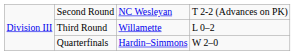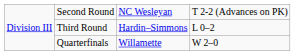 <table class="wikitable">
 <tr>
 <td rowspan="3"><a href='#'>Division III</a></td>
 <td>Second Round</td>
 <td><a href='#'>NC Wesleyan</a></td>
 <td>T 2-2 (Advances on PK)</td>
 </tr>
 <tr>
 <td>Third Round</td>
-<td><a href='#'>Willamette</a></td>
+<td><a href='#'>Hardin–Simmons</a></td>
 <td>L 0–2</td>
 </tr>
 <tr>
 <td>Quarterfinals</td>
-<td><a href='#'>Hardin–Simmons</a></td>
+<td><a href='#'>Willamette</a></td>
 <td>W 2–0</td>
 </tr>
 </table>
